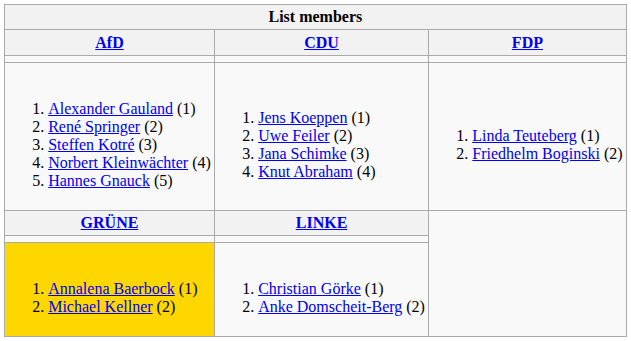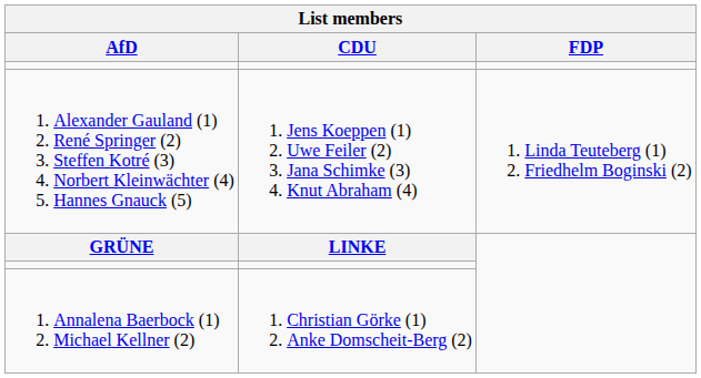 <table class=wikitable>
 <tr>
 <th colspan=3>List members</th>
 </tr>
 <tr>
 <th><a href='#'>AfD</a></th>
 <th><a href='#'>CDU</a></th>
 <th><a href='#'>FDP</a></th>
 </tr>
 <tr>
 <td bgcolor=></td>
 <td bgcolor=></td>
 <td bgcolor=></td>
 </tr>
 <tr>
 <td><br><ol><li><a href='#'>Alexander Gauland</a> (1)</li><li><a href='#'>René Springer</a> (2)</li><li><a href='#'>Steffen Kotré</a> (3)</li><li><a href='#'>Norbert Kleinwächter</a> (4)</li><li><a href='#'>Hannes Gnauck</a> (5)</li></ol></td>
 <td><br><ol><li><a href='#'>Jens Koeppen</a> (1)</li><li><a href='#'>Uwe Feiler</a> (2)</li><li><a href='#'>Jana Schimke</a> (3)</li><li><a href='#'>Knut Abraham</a> (4)</li></ol></td>
 <td><br><ol><li><a href='#'>Linda Teuteberg</a> (1)</li><li><a href='#'>Friedhelm Boginski</a> (2)</li></ol></td>
 </tr>
 <tr>
 <th><a href='#'>GRÜNE</a></th>
 <th><a href='#'>LINKE</a></th>
 </tr>
 <tr>
 <td bgcolor=></td>
 <td bgcolor=></td>
 </tr>
 <tr>
-<td style="background: gold;"><br><ol><li><a href='#'>Annalena Baerbock</a> (1)</li><li><a href='#'>Michael Kellner</a> (2)</li></ol></td>
+<td><br><ol><li><a href='#'>Annalena Baerbock</a> (1)</li><li><a href='#'>Michael Kellner</a> (2)</li></ol></td>
 <td><br><ol><li><a href='#'>Christian Görke</a> (1)</li><li><a href='#'>Anke Domscheit-Berg</a> (2)</li></ol></td>
 </tr>
 </table>
